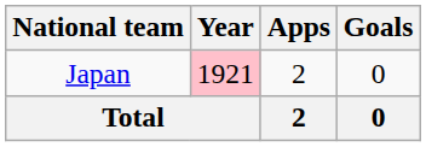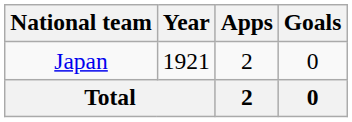 <table class="wikitable" style="text-align:center">
 <tr>
 <th>National team</th>
 <th>Year</th>
 <th>Apps</th>
 <th>Goals</th>
 </tr>
 <tr>
 <td><a href='#'>Japan</a></td>
-<td style="background: pink;">1921</td>
+<td>1921</td>
 <td>2</td>
 <td>0</td>
 </tr>
 <tr>
 <th colspan="2">Total</th>
 <th>2</th>
 <th>0</th>
 </tr>
 </table>
